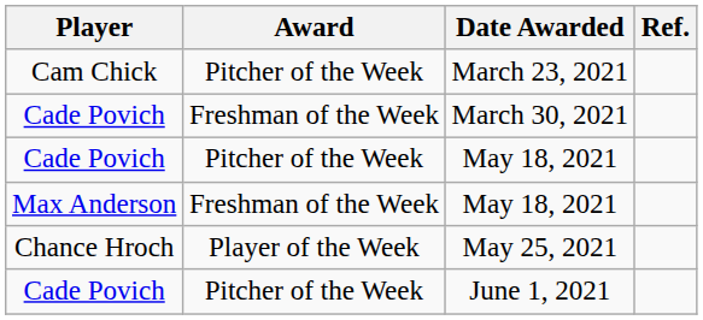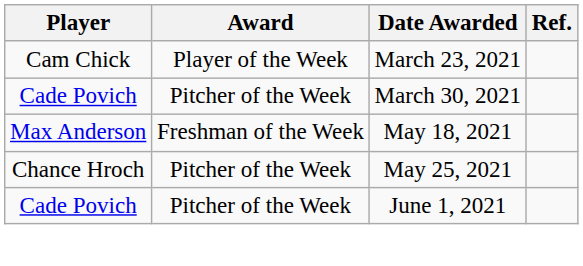 <table class="wikitable sortable sortable" style="text-align: center">
 <tr align=center>
 <th>Player</th>
 <th>Award</th>
 <th>Date Awarded</th>
 <th>Ref.</th>
 </tr>
 <tr>
 <td>Cam Chick</td>
-<td rowspan="1">Pitcher of the Week</td>
+<td rowspan="1">Player of the Week</td>
 <td rowspan="1">March 23, 2021</td>
 <td rowspan="1"></td>
 </tr>
 <tr>
 <td><a href='#'>Cade Povich</a></td>
-<td rowspan="1">Freshman of the Week</td>
+<td rowspan="1">Pitcher of the Week</td>
 <td rowspan="1">March 30, 2021</td>
-<td rowspan="1"></td>
-</tr>
-<tr>
-<td><a href='#'>Cade Povich</a></td>
-<td rowspan="1">Pitcher of the Week</td>
-<td rowspan="1">May 18, 2021</td>
 <td rowspan="1"></td>
 </tr>
 <tr>
 <td><a href='#'>Max Anderson</a></td>
 <td rowspan="1">Freshman of the Week</td>
 <td rowspan="1">May 18, 2021</td>
 <td rowspan="1"></td>
 </tr>
 <tr>
 <td>Chance Hroch</td>
-<td rowspan="1">Player of the Week</td>
+<td rowspan="1">Pitcher of the Week</td>
 <td rowspan="1">May 25, 2021</td>
 <td rowspan="1"></td>
 </tr>
 <tr>
 <td><a href='#'>Cade Povich</a></td>
 <td rowspan="1">Pitcher of the Week</td>
 <td rowspan="1">June 1, 2021</td>
 <td rowspan="1"></td>
 </tr>
 </table>
